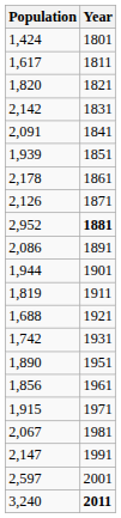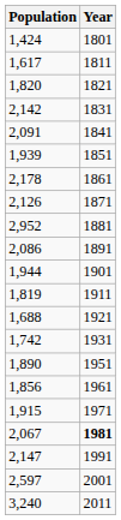 <table class="wikitable">
 <tr>
 <th>Population</th>
 <th>Year</th>
 </tr>
 <tr>
 <td>1,424</td>
 <td>1801</td>
 </tr>
 <tr>
 <td>1,617</td>
 <td>1811</td>
 </tr>
 <tr>
 <td>1,820</td>
 <td>1821</td>
 </tr>
 <tr>
 <td>2,142</td>
 <td>1831</td>
 </tr>
 <tr>
 <td>2,091</td>
 <td>1841</td>
 </tr>
 <tr>
 <td>1,939</td>
 <td>1851</td>
 </tr>
 <tr>
 <td>2,178</td>
 <td>1861</td>
 </tr>
 <tr>
 <td>2,126</td>
 <td>1871</td>
 </tr>
 <tr>
 <td>2,952</td>
-<td><strong>1881</strong></td>
+<td>1881</td>
 </tr>
 <tr>
 <td>2,086</td>
 <td>1891</td>
 </tr>
 <tr>
 <td>1,944</td>
 <td>1901</td>
 </tr>
 <tr>
 <td>1,819</td>
 <td>1911</td>
 </tr>
 <tr>
 <td>1,688</td>
 <td>1921</td>
 </tr>
 <tr>
 <td>1,742</td>
 <td>1931</td>
 </tr>
 <tr>
 <td>1,890</td>
 <td>1951</td>
 </tr>
 <tr>
 <td>1,856</td>
 <td>1961</td>
 </tr>
 <tr>
 <td>1,915</td>
 <td>1971</td>
 </tr>
 <tr>
 <td>2,067</td>
-<td>1981</td>
+<td><strong>1981</strong></td>
 </tr>
 <tr>
 <td>2,147</td>
 <td>1991</td>
 </tr>
 <tr>
 <td>2,597</td>
 <td>2001</td>
 </tr>
 <tr>
 <td>3,240</td>
-<td><strong>2011</strong></td>
+<td>2011</td>
 </tr>
 </table>
